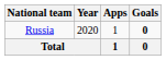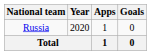 <table class=wikitable style=text-align:center>
 <tr>
 <th>National team</th>
 <th>Year</th>
 <th>Apps</th>
 <th>Goals</th>
 </tr>
 <tr>
 <td><a href='#'>Russia</a></td>
 <td>2020</td>
 <td>1</td>
-<td><strong>0</strong></td>
+<td>0</td>
 </tr>
 <tr>
 <th colspan=2>Total</th>
 <th>1</th>
 <th>0</th>
 </tr>
 </table>
